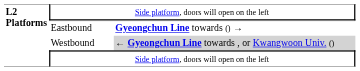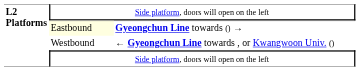 <table table border=0 cellspacing=0 cellpadding=3>
 <tr>
 <td style="border-top:solid 1px gray;border-bottom:solid 1px gray;" width=50 rowspan=10 valign=top><strong>L2<br>Platforms</strong></td>
 <td style="border-top:solid 1px gray;border-right:solid 2px black;border-left:solid 2px black;border-bottom:solid 2px black;text-align:center;" colspan=2><small><a href='#'>Side platform</a>, doors will open on the left</small></td>
 </tr>
 <tr>
-<td style="border-bottom:solid 0px gray;border-top:solid 1px gray;" width=100>Eastbound</td>
+<td style="background: lightyellow; border-bottom:solid 0px gray;border-top:solid 1px gray;" width=100>Eastbound</td>
 <td style="border-bottom:solid 0px gray;border-top:solid 1px gray;" width=390> <a href='#'><span><strong>Gyeongchun Line</strong></span></a> towards  <small>()</small> →</td>
 </tr>
 <tr>
 <td>Westbound</td>
-<td style="background: lightgrey;">← <a href='#'><span><strong>Gyeongchun Line</strong></span></a> towards ,  or <a href='#'>Kwangwoon Univ.</a> <small>()</small></td>
+<td>← <a href='#'><span><strong>Gyeongchun Line</strong></span></a> towards ,  or <a href='#'>Kwangwoon Univ.</a> <small>()</small></td>
 </tr>
 <tr>
 <td style="border-top:solid 2px black;border-right:solid 2px black;border-left:solid 2px black;border-bottom:solid 1px gray;text-align:center;" colspan=2><small><a href='#'>Side platform</a>, doors will open on the left</small></td>
 </tr>
 </table>
